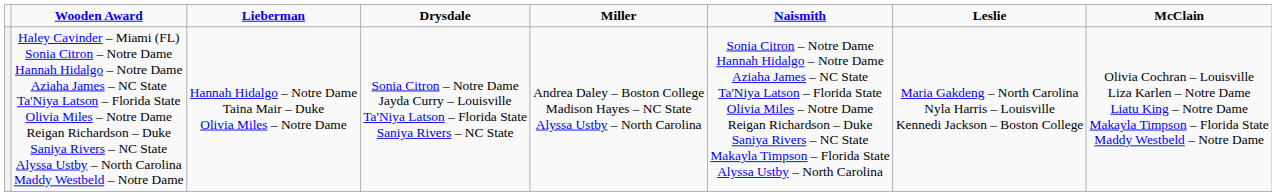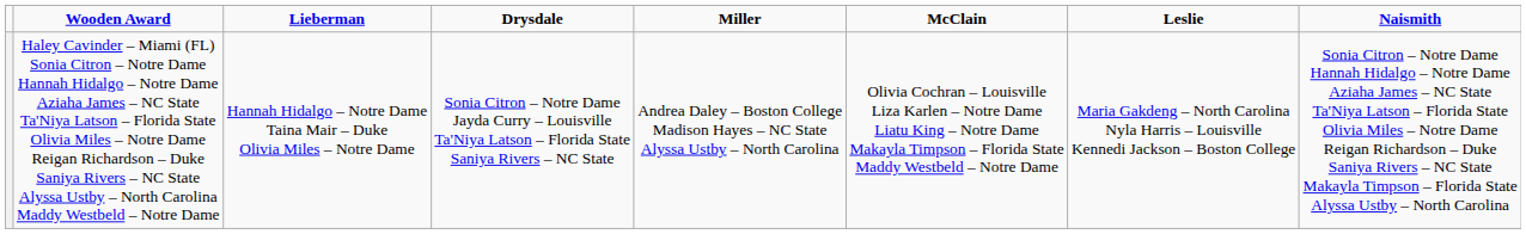 <table class="wikitable" style="white-space:nowrap; text-align:center; font-size:90%;">
 <tr>
 <td></td>
 <td><strong><a href='#'>Wooden Award</a></strong></td>
 <td><strong><a href='#'>Lieberman</a></strong></td>
 <td><strong>Drysdale</strong></td>
 <td><strong>Miller</strong></td>
+<td><strong>McClain</strong></td>
+<td><strong>Leslie</strong></td>
 <td><strong><a href='#'>Naismith</a></strong></td>
-<td><strong>Leslie</strong></td>
-<td><strong>McClain</strong></td>
 </tr>
 <tr>
 <th></th>
 <td><a href='#'>Haley Cavinder</a> – Miami (FL)<br><a href='#'>Sonia Citron</a> – Notre Dame<br><a href='#'>Hannah Hidalgo</a> – Notre Dame<br><a href='#'>Aziaha James</a> – NC State<br><a href='#'>Ta'Niya Latson</a> – Florida State<br><a href='#'>Olivia Miles</a> – Notre Dame<br>Reigan Richardson – Duke<br><a href='#'>Saniya Rivers</a> – NC State<br><a href='#'>Alyssa Ustby</a> – North Carolina<br><a href='#'>Maddy Westbeld</a> – Notre Dame</td>
 <td><a href='#'>Hannah Hidalgo</a> – Notre Dame<br>Taina Mair – Duke<br><a href='#'>Olivia Miles</a> – Notre Dame</td>
 <td><a href='#'>Sonia Citron</a> – Notre Dame<br>Jayda Curry – Louisville<br><a href='#'>Ta'Niya Latson</a> – Florida State<br><a href='#'>Saniya Rivers</a> – NC State</td>
 <td>Andrea Daley – Boston College<br>Madison Hayes – NC State<br><a href='#'>Alyssa Ustby</a> – North Carolina</td>
+<td>Olivia Cochran – Louisville<br>Liza Karlen – Notre Dame<br><a href='#'>Liatu King</a> – Notre Dame<br><a href='#'>Makayla Timpson</a> – Florida State<br><a href='#'>Maddy Westbeld</a> – Notre Dame</td>
+<td><a href='#'>Maria Gakdeng</a> – North Carolina<br>Nyla Harris – Louisville<br>Kennedi Jackson – Boston College<br></td>
 <td><a href='#'>Sonia Citron</a> – Notre Dame<br><a href='#'>Hannah Hidalgo</a> – Notre Dame<br><a href='#'>Aziaha James</a> – NC State<br><a href='#'>Ta'Niya Latson</a> – Florida State<br><a href='#'>Olivia Miles</a> – Notre Dame<br>Reigan Richardson – Duke<br><a href='#'>Saniya Rivers</a> – NC State<br><a href='#'>Makayla Timpson</a> – Florida State<br><a href='#'>Alyssa Ustby</a> – North Carolina</td>
-<td><a href='#'>Maria Gakdeng</a> – North Carolina<br>Nyla Harris – Louisville<br>Kennedi Jackson – Boston College<br></td>
-<td>Olivia Cochran – Louisville<br>Liza Karlen – Notre Dame<br><a href='#'>Liatu King</a> – Notre Dame<br><a href='#'>Makayla Timpson</a> – Florida State<br><a href='#'>Maddy Westbeld</a> – Notre Dame</td>
 </tr>
 </table>
